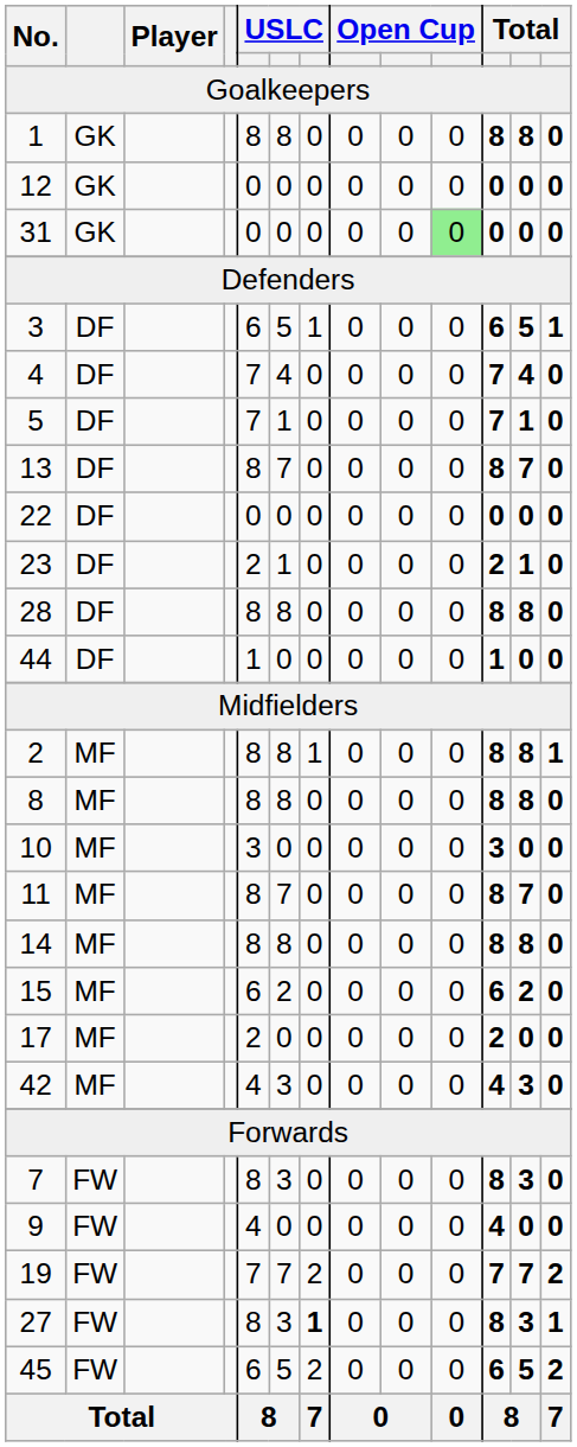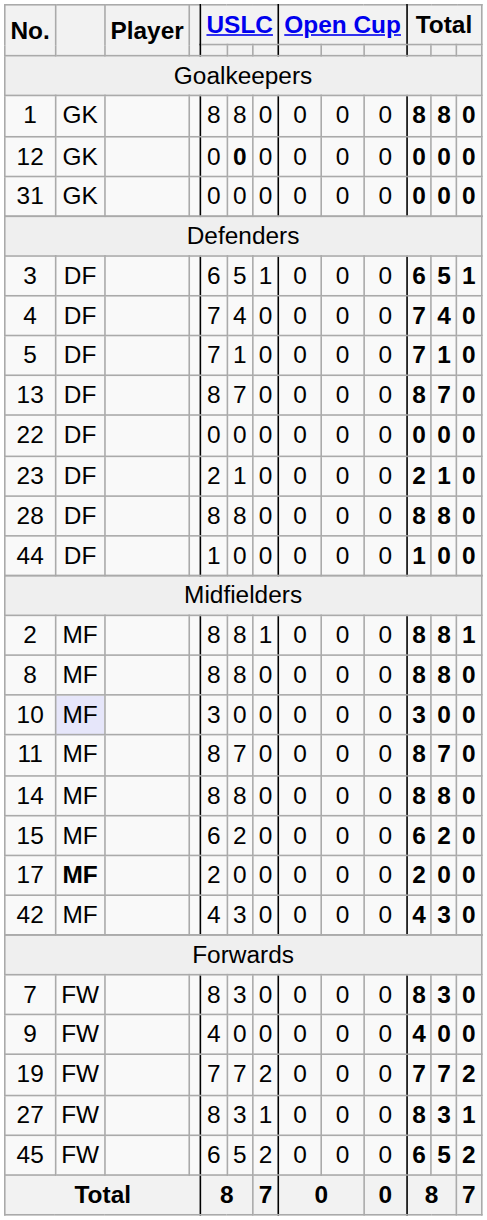 <table class="wikitable mw-datatable sortable nowrap" style="text-align:center; font-size:96%;">
 <tr>
 <th rowspan="2">No.</th>
 <th rowspan="2"></th>
 <th rowspan="2">Player</th>
 <th rowspan="2" style="border-right: 1pt black solid"></th>
 <th colspan="3" style="border-right: 1pt black solid"><a href='#'>USLC</a></th>
 <th colspan="3" style="border-right: 1pt black solid"><a href='#'>Open Cup</a></th>
 <th colspan="3">Total</th>
 </tr>
 <tr>
 <th></th>
 <th></th>
 <th style="border-right: 1pt black solid"></th>
 <th></th>
 <th></th>
 <th style="border-right: 1pt black solid"></th>
 <th></th>
 <th></th>
 <th></th>
 </tr>
 <tr bgcolor=efefef class="sortbottom">
 <td colspan="13">Goalkeepers</td>
 </tr>
 <tr>
 <td>1</td>
 <td>GK</td>
 <td style="text-align:left"></td>
 <td style="border-right: 1pt black solid"></td>
 <td>8</td>
 <td>8</td>
 <td style="border-right: 1pt black solid">0</td>
 <td>0</td>
 <td>0</td>
 <td style="border-right: 1pt black solid">0</td>
 <td><strong>8</strong></td>
 <td><strong>8</strong></td>
 <td><strong>0</strong></td>
 </tr>
 <tr>
 <td>12</td>
 <td>GK</td>
 <td style="text-align:left"></td>
 <td style="border-right: 1pt black solid"></td>
 <td>0</td>
-<td>0</td>
+<td><strong>0</strong></td>
 <td style="border-right: 1pt black solid">0</td>
 <td>0</td>
 <td>0</td>
 <td style="border-right: 1pt black solid">0</td>
 <td><strong>0</strong></td>
 <td><strong>0</strong></td>
 <td><strong>0</strong></td>
 </tr>
 <tr>
 <td>31</td>
 <td>GK</td>
 <td style="text-align:left"></td>
 <td style="border-right: 1pt black solid"></td>
 <td>0</td>
 <td>0</td>
 <td style="border-right: 1pt black solid">0</td>
 <td>0</td>
 <td>0</td>
-<td style="background: lightgreen; border-right: 1pt black solid">0</td>
+<td style="border-right: 1pt black solid">0</td>
 <td><strong>0</strong></td>
 <td><strong>0</strong></td>
 <td><strong>0</strong></td>
 </tr>
 <tr>
 </tr>
 <tr bgcolor=efefef class="sortbottom">
 <td colspan="13">Defenders</td>
 </tr>
 <tr>
 <td>3</td>
 <td>DF</td>
 <td style="text-align:left"></td>
 <td style="border-right: 1pt black solid"></td>
 <td>6</td>
 <td>5</td>
 <td style="border-right: 1pt black solid">1</td>
 <td>0</td>
 <td>0</td>
 <td style="border-right: 1pt black solid">0</td>
 <td><strong>6</strong></td>
 <td><strong>5</strong></td>
 <td><strong>1</strong></td>
 </tr>
 <tr>
 <td>4</td>
 <td>DF</td>
 <td style="text-align:left"></td>
 <td style="border-right: 1pt black solid"></td>
 <td>7</td>
 <td>4</td>
 <td style="border-right: 1pt black solid">0</td>
 <td>0</td>
 <td>0</td>
 <td style="border-right: 1pt black solid">0</td>
 <td><strong>7</strong></td>
 <td><strong>4</strong></td>
 <td><strong>0</strong></td>
 </tr>
 <tr>
 <td>5</td>
 <td>DF</td>
 <td style="text-align:left"></td>
 <td style="border-right: 1pt black solid"></td>
 <td>7</td>
 <td>1</td>
 <td style="border-right: 1pt black solid">0</td>
 <td>0</td>
 <td>0</td>
 <td style="border-right: 1pt black solid">0</td>
 <td><strong>7</strong></td>
 <td><strong>1</strong></td>
 <td><strong>0</strong></td>
 </tr>
 <tr>
 <td>13</td>
 <td>DF</td>
 <td style="text-align:left"></td>
 <td style="border-right: 1pt black solid"></td>
 <td>8</td>
 <td>7</td>
 <td style="border-right: 1pt black solid">0</td>
 <td>0</td>
 <td>0</td>
 <td style="border-right: 1pt black solid">0</td>
 <td><strong>8</strong></td>
 <td><strong>7</strong></td>
 <td><strong>0</strong></td>
 </tr>
 <tr>
 <td>22</td>
 <td>DF</td>
 <td style="text-align:left"></td>
 <td style="border-right: 1pt black solid"></td>
 <td>0</td>
 <td>0</td>
 <td style="border-right: 1pt black solid">0</td>
 <td>0</td>
 <td>0</td>
 <td style="border-right: 1pt black solid">0</td>
 <td><strong>0</strong></td>
 <td><strong>0</strong></td>
 <td><strong>0</strong></td>
 </tr>
 <tr>
 <td>23</td>
 <td>DF</td>
 <td style="text-align:left"></td>
 <td style="border-right: 1pt black solid"></td>
 <td>2</td>
 <td>1</td>
 <td style="border-right: 1pt black solid">0</td>
 <td>0</td>
 <td>0</td>
 <td style="border-right: 1pt black solid">0</td>
 <td><strong>2</strong></td>
 <td><strong>1</strong></td>
 <td><strong>0</strong></td>
 </tr>
 <tr>
 <td>28</td>
 <td>DF</td>
 <td style="text-align:left"></td>
 <td style="border-right: 1pt black solid"></td>
 <td>8</td>
 <td>8</td>
 <td style="border-right: 1pt black solid">0</td>
 <td>0</td>
 <td>0</td>
 <td style="border-right: 1pt black solid">0</td>
 <td><strong>8</strong></td>
 <td><strong>8</strong></td>
 <td><strong>0</strong></td>
 </tr>
 <tr>
 <td>44</td>
 <td>DF</td>
 <td style="text-align:left"></td>
 <td style="border-right: 1pt black solid"></td>
 <td>1</td>
 <td>0</td>
 <td style="border-right: 1pt black solid">0</td>
 <td>0</td>
 <td>0</td>
 <td style="border-right: 1pt black solid">0</td>
 <td><strong>1</strong></td>
 <td><strong>0</strong></td>
 <td><strong>0</strong></td>
 </tr>
 <tr>
 </tr>
 <tr bgcolor=efefef class="sortbottom">
 <td colspan="13">Midfielders</td>
 </tr>
 <tr>
 <td>2</td>
 <td>MF</td>
 <td style="text-align:left"></td>
 <td style="border-right: 1pt black solid"></td>
 <td>8</td>
 <td>8</td>
 <td style="border-right: 1pt black solid">1</td>
 <td>0</td>
 <td>0</td>
 <td style="border-right: 1pt black solid">0</td>
 <td><strong>8</strong></td>
 <td><strong>8</strong></td>
 <td><strong>1</strong></td>
 </tr>
 <tr>
 <td>8</td>
 <td>MF</td>
 <td style="text-align:left"></td>
 <td style="border-right: 1pt black solid"></td>
 <td>8</td>
 <td>8</td>
 <td style="border-right: 1pt black solid">0</td>
 <td>0</td>
 <td>0</td>
 <td style="border-right: 1pt black solid">0</td>
 <td><strong>8</strong></td>
 <td><strong>8</strong></td>
 <td><strong>0</strong></td>
 </tr>
 <tr>
 <td>10</td>
-<td>MF</td>
+<td style="background: lavender;">MF</td>
 <td style="text-align:left"></td>
 <td style="border-right: 1pt black solid"></td>
 <td>3</td>
 <td>0</td>
 <td style="border-right: 1pt black solid">0</td>
 <td>0</td>
 <td>0</td>
 <td style="border-right: 1pt black solid">0</td>
 <td><strong>3</strong></td>
 <td><strong>0</strong></td>
 <td><strong>0</strong></td>
 </tr>
 <tr>
 <td>11</td>
 <td>MF</td>
 <td style="text-align:left"></td>
 <td style="border-right: 1pt black solid"></td>
 <td>8</td>
 <td>7</td>
 <td style="border-right: 1pt black solid">0</td>
 <td>0</td>
 <td>0</td>
 <td style="border-right: 1pt black solid">0</td>
 <td><strong>8</strong></td>
 <td><strong>7</strong></td>
 <td><strong>0</strong></td>
 </tr>
 <tr>
 <td>14</td>
 <td>MF</td>
 <td style="text-align:left"></td>
 <td style="border-right: 1pt black solid"></td>
 <td>8</td>
 <td>8</td>
 <td style="border-right: 1pt black solid">0</td>
 <td>0</td>
 <td>0</td>
 <td style="border-right: 1pt black solid">0</td>
 <td><strong>8</strong></td>
 <td><strong>8</strong></td>
 <td><strong>0</strong></td>
 </tr>
 <tr>
 <td>15</td>
 <td>MF</td>
 <td style="text-align:left"></td>
 <td style="border-right: 1pt black solid"></td>
 <td>6</td>
 <td>2</td>
 <td style="border-right: 1pt black solid">0</td>
 <td>0</td>
 <td>0</td>
 <td style="border-right: 1pt black solid">0</td>
 <td><strong>6</strong></td>
 <td><strong>2</strong></td>
 <td><strong>0</strong></td>
 </tr>
 <tr>
 <td>17</td>
-<td>MF</td>
+<td><strong>MF</strong></td>
 <td style="text-align:left"></td>
 <td style="border-right: 1pt black solid"></td>
 <td>2</td>
 <td>0</td>
 <td style="border-right: 1pt black solid">0</td>
 <td>0</td>
 <td>0</td>
 <td style="border-right: 1pt black solid">0</td>
 <td><strong>2</strong></td>
 <td><strong>0</strong></td>
 <td><strong>0</strong></td>
 </tr>
 <tr>
 <td>42</td>
 <td>MF</td>
 <td style="text-align:left"></td>
 <td style="border-right: 1pt black solid"></td>
 <td>4</td>
 <td>3</td>
 <td style="border-right: 1pt black solid">0</td>
 <td>0</td>
 <td>0</td>
 <td style="border-right: 1pt black solid">0</td>
 <td><strong>4</strong></td>
 <td><strong>3</strong></td>
 <td><strong>0</strong></td>
 </tr>
 <tr>
 </tr>
 <tr bgcolor=efefef class="sortbottom">
 <td colspan="13">Forwards</td>
 </tr>
 <tr>
 <td>7</td>
 <td>FW</td>
 <td style="text-align:left"></td>
 <td style="border-right: 1pt black solid"></td>
 <td>8</td>
 <td>3</td>
 <td style="border-right: 1pt black solid">0</td>
 <td>0</td>
 <td>0</td>
 <td style="border-right: 1pt black solid">0</td>
 <td><strong>8</strong></td>
 <td><strong>3</strong></td>
 <td><strong>0</strong></td>
 </tr>
 <tr>
 <td>9</td>
 <td>FW</td>
 <td style="text-align:left"></td>
 <td style="border-right: 1pt black solid"></td>
 <td>4</td>
 <td>0</td>
 <td style="border-right: 1pt black solid">0</td>
 <td>0</td>
 <td>0</td>
 <td style="border-right: 1pt black solid">0</td>
 <td><strong>4</strong></td>
 <td><strong>0</strong></td>
 <td><strong>0</strong></td>
 </tr>
 <tr>
 <td>19</td>
 <td>FW</td>
 <td style="text-align:left"></td>
 <td style="border-right: 1pt black solid"></td>
 <td>7</td>
 <td>7</td>
 <td style="border-right: 1pt black solid">2</td>
 <td>0</td>
 <td>0</td>
 <td style="border-right: 1pt black solid">0</td>
 <td><strong>7</strong></td>
 <td><strong>7</strong></td>
 <td><strong>2</strong></td>
 </tr>
 <tr>
 <td>27</td>
 <td>FW</td>
 <td style="text-align:left"></td>
 <td style="border-right: 1pt black solid"></td>
 <td>8</td>
 <td>3</td>
-<td style="border-right: 1pt black solid"><strong>1</strong></td>
+<td style="border-right: 1pt black solid">1</td>
 <td>0</td>
 <td>0</td>
 <td style="border-right: 1pt black solid">0</td>
 <td><strong>8</strong></td>
 <td><strong>3</strong></td>
 <td><strong>1</strong></td>
 </tr>
 <tr>
 <td>45</td>
 <td>FW</td>
 <td style="text-align:left"></td>
 <td style="border-right: 1pt black solid"></td>
 <td>6</td>
 <td>5</td>
 <td style="border-right: 1pt black solid">2</td>
 <td>0</td>
 <td>0</td>
 <td style="border-right: 1pt black solid">0</td>
 <td><strong>6</strong></td>
 <td><strong>5</strong></td>
 <td><strong>2</strong></td>
 </tr>
 <tr class="sortbottom">
 <th colspan=4 style="border-right: 1pt black solid">Total</th>
 <th colspan=2>8</th>
 <th style="border-right: 1pt black solid">7</th>
 <th colspan=2>0</th>
 <th style="border-right: 1pt black solid">0</th>
 <th colspan=2>8</th>
 <th>7</th>
 </tr>
 </table>
